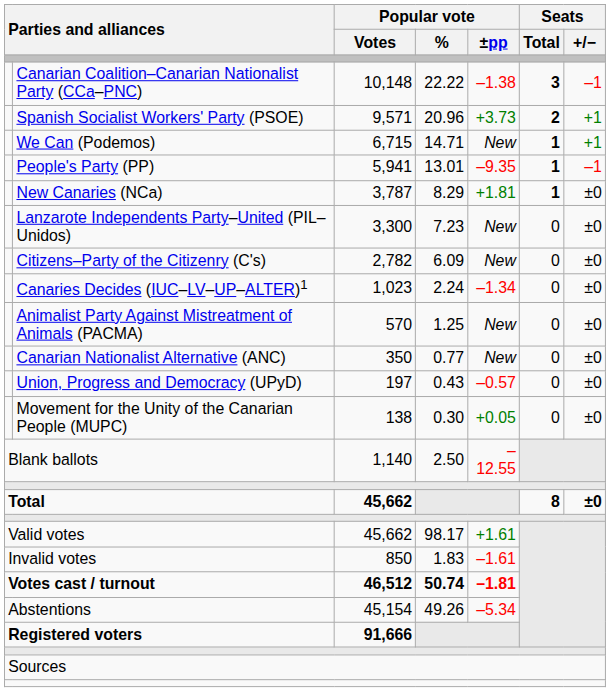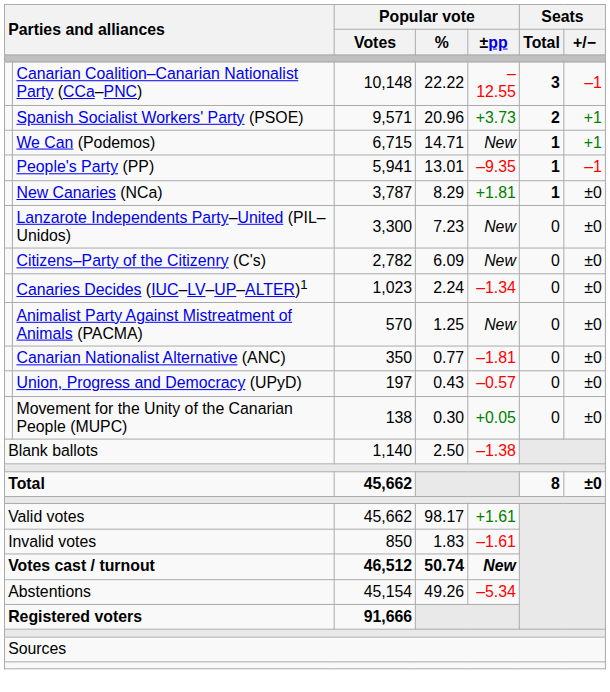 <table class="wikitable" style="text-align:right;">
 <tr>
 <th style="text-align:left;" rowspan="2" colspan="2" width="525">Parties and alliances</th>
 <th colspan="3">Popular vote</th>
 <th colspan="2">Seats</th>
 </tr>
 <tr>
 <th width="75">Votes</th>
 <th width="45">%</th>
 <th width="45">±<a href='#'>pp</a></th>
 <th width="35">Total</th>
 <th width="35">+/−</th>
 </tr>
 <tr>
 <td colspan="7" bgcolor="#C0C0C0"></td>
 </tr>
 <tr>
 <td width="1" style="color:inherit;background:"></td>
 <td align="left"><a href='#'>Canarian Coalition–Canarian Nationalist Party</a> (<a href='#'>CCa</a>–<a href='#'>PNC</a>)</td>
 <td>10,148</td>
 <td>22.22</td>
-<td style="color:red;">–1.38</td>
+<td style="color:red;">–12.55</td>
 <td><strong>3</strong></td>
 <td style="color:red;">–1</td>
 </tr>
 <tr>
 <td style="color:inherit;background:"></td>
 <td align="left"><a href='#'>Spanish Socialist Workers' Party</a> (PSOE)</td>
 <td>9,571</td>
 <td>20.96</td>
 <td style="color:green;">+3.73</td>
 <td><strong>2</strong></td>
 <td style="color:green;">+1</td>
 </tr>
 <tr>
 <td style="color:inherit;background:"></td>
 <td align="left"><a href='#'>We Can</a> (Podemos)</td>
 <td>6,715</td>
 <td>14.71</td>
 <td><em>New</em></td>
 <td><strong>1</strong></td>
 <td style="color:green;">+1</td>
 </tr>
 <tr>
 <td style="color:inherit;background:"></td>
 <td align="left"><a href='#'>People's Party</a> (PP)</td>
 <td>5,941</td>
 <td>13.01</td>
 <td style="color:red;">–9.35</td>
 <td><strong>1</strong></td>
 <td style="color:red;">–1</td>
 </tr>
 <tr>
 <td style="color:inherit;background:"></td>
 <td align="left"><a href='#'>New Canaries</a> (NCa)</td>
 <td>3,787</td>
 <td>8.29</td>
 <td style="color:green;">+1.81</td>
 <td><strong>1</strong></td>
 <td>±0</td>
 </tr>
 <tr>
 <td style="color:inherit;background:"></td>
 <td align="left"><a href='#'>Lanzarote Independents Party</a>–<a href='#'>United</a> (PIL–Unidos)</td>
 <td>3,300</td>
 <td>7.23</td>
 <td><em>New</em></td>
 <td>0</td>
 <td>±0</td>
 </tr>
 <tr>
 <td style="color:inherit;background:"></td>
 <td align="left"><a href='#'>Citizens–Party of the Citizenry</a> (C's)</td>
 <td>2,782</td>
 <td>6.09</td>
 <td><em>New</em></td>
 <td>0</td>
 <td>±0</td>
 </tr>
 <tr>
 <td style="color:inherit;background:"></td>
 <td align="left"><a href='#'>Canaries Decides</a> (<a href='#'>IUC</a>–<a href='#'>LV</a>–<a href='#'>UP</a>–<a href='#'>ALTER</a>)<sup>1</sup></td>
 <td>1,023</td>
 <td>2.24</td>
 <td style="color:red;">–1.34</td>
 <td>0</td>
 <td>±0</td>
 </tr>
 <tr>
 <td style="color:inherit;background:"></td>
 <td align="left"><a href='#'>Animalist Party Against Mistreatment of Animals</a> (PACMA)</td>
 <td>570</td>
 <td>1.25</td>
 <td><em>New</em></td>
 <td>0</td>
 <td>±0</td>
 </tr>
 <tr>
 <td style="color:inherit;background:"></td>
 <td align="left"><a href='#'>Canarian Nationalist Alternative</a> (ANC)</td>
 <td>350</td>
 <td>0.77</td>
-<td><em>New</em></td>
+<td style="color:red;">–1.81</td>
 <td>0</td>
 <td>±0</td>
 </tr>
 <tr>
 <td style="color:inherit;background:"></td>
 <td align="left"><a href='#'>Union, Progress and Democracy</a> (UPyD)</td>
 <td>197</td>
 <td>0.43</td>
 <td style="color:red;">–0.57</td>
 <td>0</td>
 <td>±0</td>
 </tr>
 <tr>
 <td style="color:inherit;background:"></td>
 <td align="left">Movement for the Unity of the Canarian People (MUPC)</td>
 <td>138</td>
 <td>0.30</td>
 <td style="color:green;">+0.05</td>
 <td>0</td>
 <td>±0</td>
 </tr>
 <tr>
 <td align="left" colspan="2">Blank ballots</td>
 <td>1,140</td>
 <td>2.50</td>
-<td style="color:red;">–12.55</td>
+<td style="color:red;">–1.38</td>
 <td bgcolor="#E9E9E9" colspan="2"></td>
 </tr>
 <tr>
 <td colspan="7" bgcolor="#E9E9E9"></td>
 </tr>
 <tr style="font-weight:bold;">
 <td align="left" colspan="2">Total</td>
 <td>45,662</td>
 <td bgcolor="#E9E9E9" colspan="2"></td>
 <td>8</td>
 <td>±0</td>
 </tr>
 <tr>
 <td colspan="7" bgcolor="#E9E9E9"></td>
 </tr>
 <tr>
 <td align="left" colspan="2">Valid votes</td>
 <td>45,662</td>
 <td>98.17</td>
 <td style="color:green;">+1.61</td>
 <td bgcolor="#E9E9E9" colspan="2" rowspan="5"></td>
 </tr>
 <tr>
 <td align="left" colspan="2">Invalid votes</td>
 <td>850</td>
 <td>1.83</td>
 <td style="color:red;">–1.61</td>
 </tr>
 <tr style="font-weight:bold;">
 <td align="left" colspan="2">Votes cast / turnout</td>
 <td>46,512</td>
 <td>50.74</td>
-<td style="color:red;">–1.81</td>
+<td><em>New</em></td>
 </tr>
 <tr>
 <td align="left" colspan="2">Abstentions</td>
 <td>45,154</td>
 <td>49.26</td>
 <td style="color:red;">–5.34</td>
 </tr>
 <tr style="font-weight:bold;">
 <td align="left" colspan="2">Registered voters</td>
 <td>91,666</td>
 <td bgcolor="#E9E9E9" colspan="2"></td>
 </tr>
 <tr>
 <td colspan="7" bgcolor="#E9E9E9"></td>
 </tr>
 <tr>
 <td align="left" colspan="7">Sources</td>
 </tr>
 <tr>
 <td colspan="7" style="text-align:left; max-width:790px;"></td>
 </tr>
 </table>
